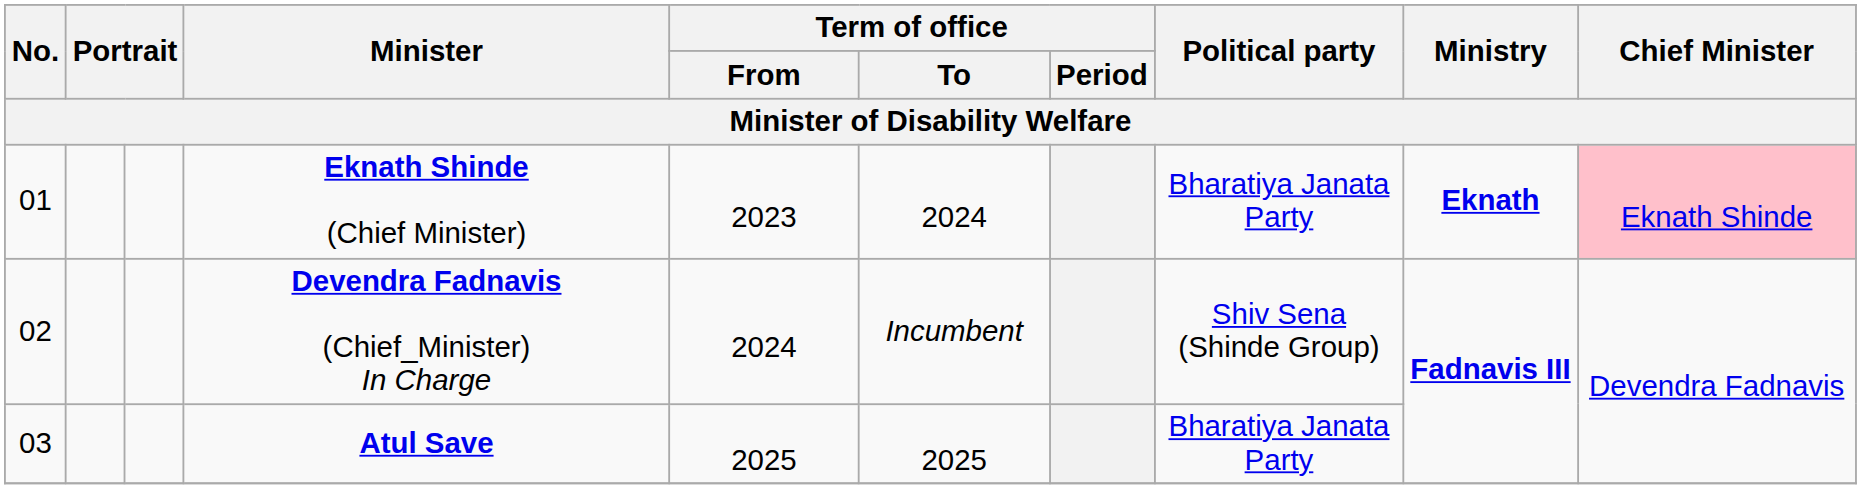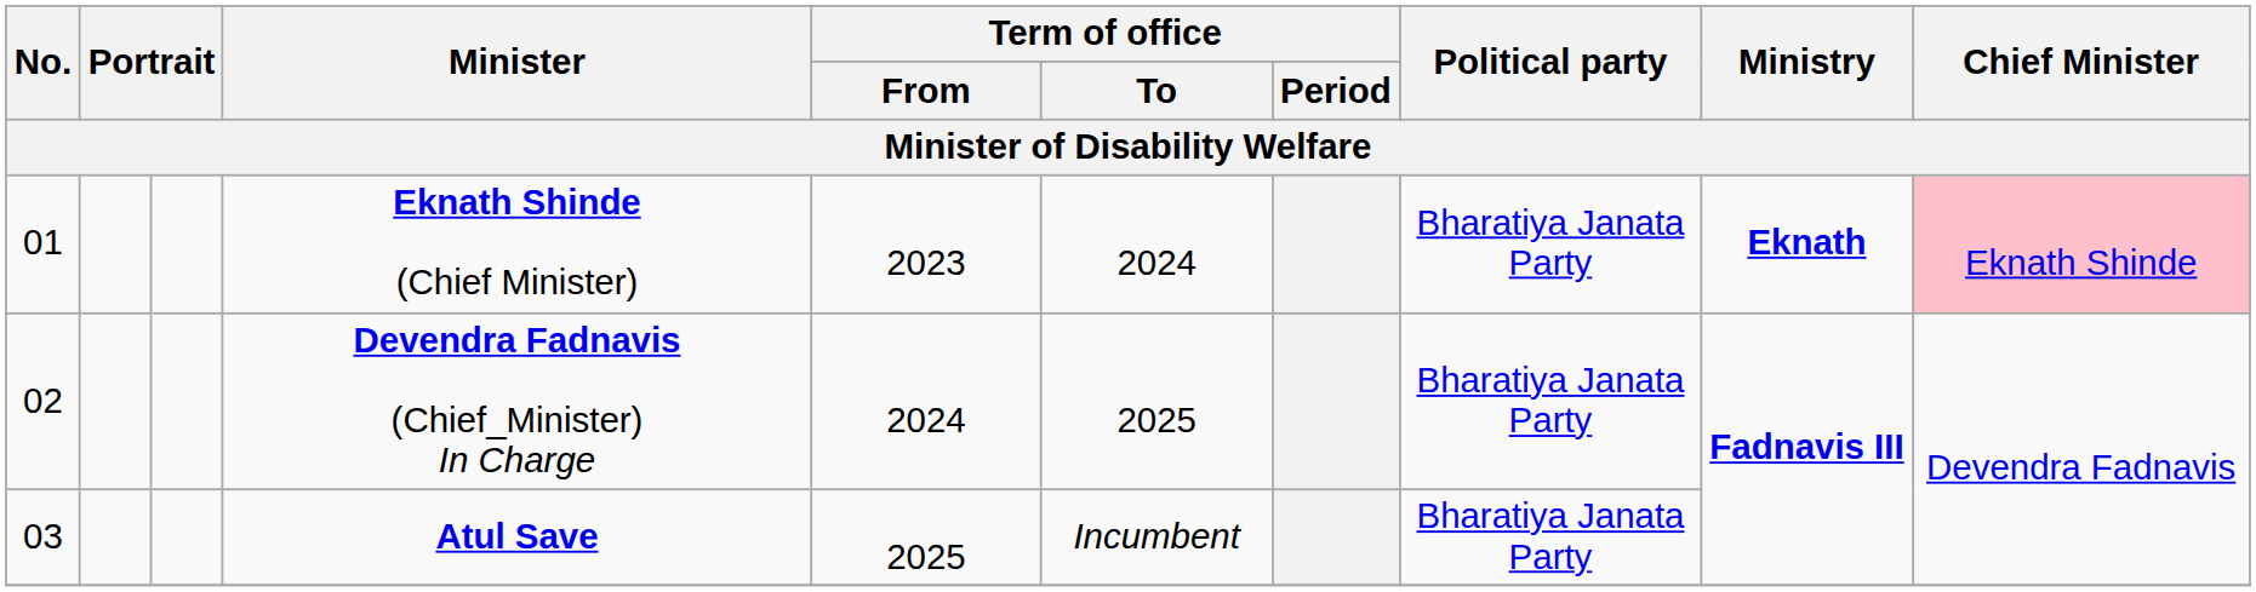 <table class="wikitable" style="text-align:center">
 <tr>
 <th rowspan="2">No.</th>
 <th rowspan="2" colspan="2">Portrait</th>
 <th rowspan="2" style="width:16em">Minister<br></th>
 <th colspan="3">Term of office</th>
 <th rowspan="2" style="width:8em">Political party</th>
 <th rowspan="2">Ministry</th>
 <th rowspan="2" style="width:9em">Chief Minister</th>
 </tr>
 <tr>
 <th style="width:6em">From</th>
 <th style="width:6em">To</th>
 <th>Period</th>
 </tr>
 <tr>
 <th colspan="10">Minister of Disability Welfare</th>
 </tr>
 <tr>
 <td>01</td>
 <td style="color:inherit;background:"></td>
 <td></td>
 <td><strong><a href='#'>Eknath Shinde</a></strong> <br> <br>(Chief Minister)</td>
 <td><br>2023</td>
 <td><br>2024</td>
 <th></th>
 <td><a href='#'>Bharatiya Janata Party</a></td>
 <td rowspan="1"><a href='#'><strong>Eknath</strong></a></td>
 <td rowspan="1" style="background: pink;"> <br><a href='#'>Eknath Shinde</a></td>
 </tr>
 <tr>
 <td>02</td>
 <td style="color:inherit;background:"></td>
 <td></td>
 <td><strong><a href='#'>Devendra Fadnavis</a></strong>  <br> <br>(Chief_Minister) <br><em>In Charge</em></td>
 <td><br>2024</td>
-<td><em>Incumbent</em></td>
+<td><br>2025</td>
 <th></th>
-<td><a href='#'>Shiv Sena</a> (Shinde Group)</td>
+<td><a href='#'>Bharatiya Janata Party</a></td>
 <td rowspan="2"><a href='#'><strong>Fadnavis III</strong></a></td>
 <td rowspan="2"> <br><a href='#'>Devendra Fadnavis</a></td>
 </tr>
 <tr>
 <td>03</td>
 <td style="color:inherit;background:"></td>
 <td></td>
 <td><strong><a href='#'>Atul Save</a></strong> <br> </td>
 <td><br>2025</td>
-<td><br>2025</td>
+<td><em>Incumbent</em></td>
 <th></th>
 <td><a href='#'>Bharatiya Janata Party</a></td>
 </tr>
 <tr>
 </tr>
 </table>
